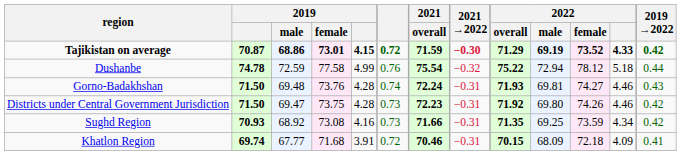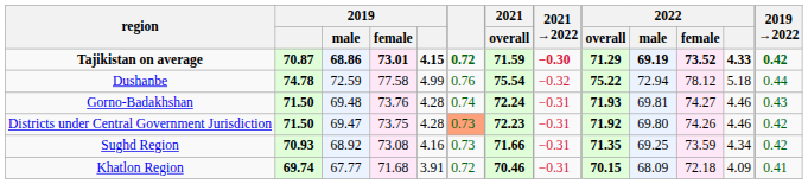 <table class="wikitable sortable mw-datatable static-row-numbers sort-under col1left col6right col8right col13right" style="text-align:center;">
 <tr>
 <th rowspan=2 style="vertical-align:middle;">region</th>
 <th colspan=4>2019</th>
 <th rowspan=2 style="vertical-align:middle;border-left-width:2px;"></th>
 <th style="border-left-width:2px;">2021</th>
 <th rowspan=2 style="vertical-align:middle;border-left-width:2px;">2021<br>→2022</th>
 <th colspan=4 style="border-left-width:2px;">2022</th>
 <th rowspan=2 style="vertical-align:middle;border-left-width:2px;">2019<br>→2022</th>
 </tr>
 <tr>
 <th style="vertical-align:middle;min-width:3em;"></th>
 <th style="vertical-align:middle;min-width:3em;">male</th>
 <th style="vertical-align:middle;min-width:3em;">female</th>
 <th></th>
 <th style="vertical-align:middle;min-width:3em;border-left-width:2px;">overall</th>
 <th style="vertical-align:middle;min-width:3em;border-left-width:2px;">overall</th>
 <th style="vertical-align:middle;min-width:3em;">male</th>
 <th style="vertical-align:middle;min-width:3em;">female</th>
 <th></th>
 </tr>
 <tr class=static-row-header>
 <td><strong>Tajikistan on average</strong></td>
 <td style="background:#e0ffd8;"><strong>70.87</strong></td>
 <td style="background:#eaf3ff;"><strong>68.86</strong></td>
 <td style="background:#fee7f6;"><strong>73.01</strong></td>
 <td><strong>4.15</strong></td>
 <td style="padding-right:1.5ex;color:darkgreen;border-left-width:2px;"><strong>0.72</strong></td>
 <td style="background:#e0ffd8;border-left-width:2px;"><strong>71.59</strong></td>
 <td style="padding-right:1.5ex;color:crimson;border-left-width:2px;"><strong>−0.30</strong></td>
 <td style="background:#e0ffd8;border-left-width:2px;"><strong>71.29</strong></td>
 <td style="background:#eaf3ff;"><strong>69.19</strong></td>
 <td style="background:#fee7f6;"><strong>73.52</strong></td>
 <td><strong>4.33</strong></td>
 <td style="padding-right:1.5ex;color:darkgreen;border-left-width:2px;"><strong>0.42</strong></td>
 </tr>
 <tr>
 <td><a href='#'>Dushanbe</a></td>
 <td style="background:#e0ffd8;"><strong>74.78</strong></td>
 <td style="background:#eaf3ff;">72.59</td>
 <td style="background:#fee7f6;">77.58</td>
 <td>4.99</td>
 <td style="padding-right:1.5ex;color:darkgreen;border-left-width:2px;">0.76</td>
 <td style="background:#e0ffd8;border-left-width:2px;"><strong>75.54</strong></td>
 <td style="padding-right:1.5ex;color:crimson;border-left-width:2px;">−0.32</td>
 <td style="background:#e0ffd8;border-left-width:2px;"><strong>75.22</strong></td>
 <td style="background:#eaf3ff;">72.94</td>
 <td style="background:#fee7f6;">78.12</td>
 <td>5.18</td>
 <td style="padding-right:1.5ex;color:darkgreen;border-left-width:2px;">0.44</td>
 </tr>
 <tr>
 <td><a href='#'>Gorno-Badakhshan</a></td>
 <td style="background:#e0ffd8;"><strong>71.50</strong></td>
 <td style="background:#eaf3ff;">69.48</td>
 <td style="background:#fee7f6;">73.76</td>
 <td>4.28</td>
 <td style="padding-right:1.5ex;color:darkgreen;border-left-width:2px;">0.74</td>
 <td style="background:#e0ffd8;border-left-width:2px;"><strong>72.24</strong></td>
 <td style="padding-right:1.5ex;color:crimson;border-left-width:2px;">−0.31</td>
 <td style="background:#e0ffd8;border-left-width:2px;"><strong>71.93</strong></td>
 <td style="background:#eaf3ff;">69.81</td>
 <td style="background:#fee7f6;">74.27</td>
 <td>4.46</td>
 <td style="padding-right:1.5ex;color:darkgreen;border-left-width:2px;">0.43</td>
 </tr>
 <tr>
 <td><a href='#'>Districts under Central Government Jurisdiction</a></td>
 <td style="background:#e0ffd8;"><strong>71.50</strong></td>
 <td style="background:#eaf3ff;">69.47</td>
 <td style="background:#fee7f6;">73.75</td>
 <td>4.28</td>
-<td style="padding-right:1.5ex;color:darkgreen;border-left-width:2px;">0.73</td>
+<td style="background: lightsalmon; padding-right:1.5ex;color:darkgreen;border-left-width:2px;">0.73</td>
 <td style="background:#e0ffd8;border-left-width:2px;"><strong>72.23</strong></td>
 <td style="padding-right:1.5ex;color:crimson;border-left-width:2px;">−0.31</td>
 <td style="background:#e0ffd8;border-left-width:2px;"><strong>71.92</strong></td>
 <td style="background:#eaf3ff;">69.80</td>
 <td style="background:#fee7f6;">74.26</td>
 <td>4.46</td>
 <td style="padding-right:1.5ex;color:darkgreen;border-left-width:2px;">0.42</td>
 </tr>
 <tr>
 <td><a href='#'>Sughd Region</a></td>
 <td style="background:#e0ffd8;"><strong>70.93</strong></td>
 <td style="background:#eaf3ff;">68.92</td>
 <td style="background:#fee7f6;">73.08</td>
 <td>4.16</td>
 <td style="padding-right:1.5ex;color:darkgreen;border-left-width:2px;">0.73</td>
 <td style="background:#e0ffd8;border-left-width:2px;"><strong>71.66</strong></td>
 <td style="padding-right:1.5ex;color:crimson;border-left-width:2px;">−0.31</td>
 <td style="background:#e0ffd8;border-left-width:2px;"><strong>71.35</strong></td>
 <td style="background:#eaf3ff;">69.25</td>
 <td style="background:#fee7f6;">73.59</td>
 <td>4.34</td>
 <td style="padding-right:1.5ex;color:darkgreen;border-left-width:2px;">0.42</td>
 </tr>
 <tr>
 <td><a href='#'>Khatlon Region</a></td>
 <td style="background:#e0ffd8;"><strong>69.74</strong></td>
 <td style="background:#eaf3ff;">67.77</td>
 <td style="background:#fee7f6;">71.68</td>
 <td>3.91</td>
 <td style="padding-right:1.5ex;color:darkgreen;border-left-width:2px;">0.72</td>
 <td style="background:#e0ffd8;border-left-width:2px;"><strong>70.46</strong></td>
 <td style="padding-right:1.5ex;color:crimson;border-left-width:2px;">−0.31</td>
 <td style="background:#e0ffd8;border-left-width:2px;"><strong>70.15</strong></td>
 <td style="background:#eaf3ff;">68.09</td>
 <td style="background:#fee7f6;">72.18</td>
 <td>4.09</td>
 <td style="padding-right:1.5ex;color:darkgreen;border-left-width:2px;">0.41</td>
 </tr>
 </table>
